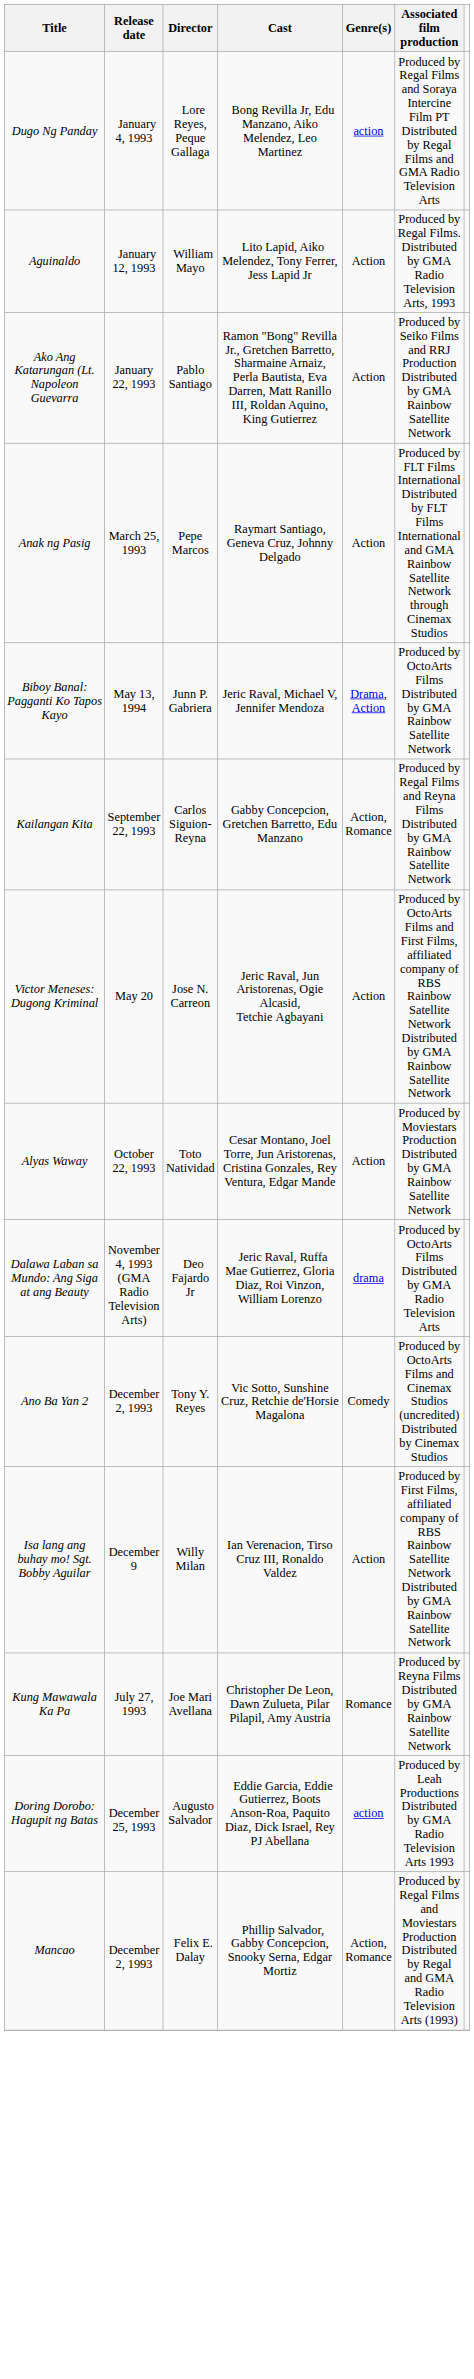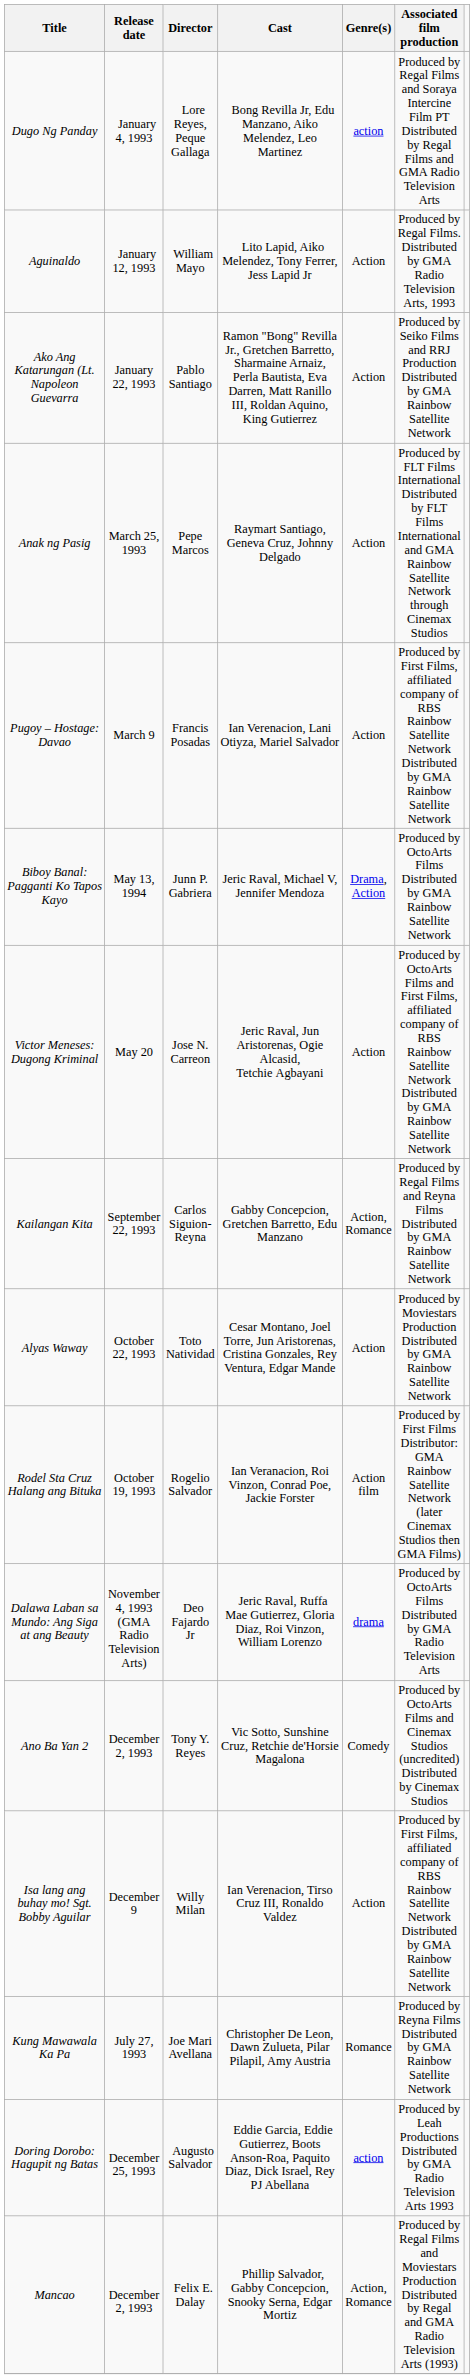 <table class="wikitable" "toccolours sortable" style="width:97%; text-align:center">
 <tr>
 <th style="width:25%;">Title</th>
 <th style="width:10%;">Release date</th>
 <th style="width:10%;">Director</th>
 <th style="width:30%;">Cast</th>
 <th style="width:10%;">Genre(s)</th>
 <th style="width:15%;">Associated film production</th>
 <td></td>
 </tr>
 <tr>
 <td><em>Dugo Ng Panday</em></td>
 <td>  January 4, 1993</td>
 <td>  Lore Reyes, Peque Gallaga</td>
 <td>  Bong Revilla Jr, Edu Manzano, Aiko Melendez, Leo Martinez</td>
 <td><a href='#'>action</a></td>
 <td>Produced by Regal Films and Soraya Intercine Film PT<br>Distributed by Regal Films and GMA Radio Television Arts  </td>
 <td></td>
 </tr>
 <tr>
 <td><em>Aguinaldo</em></td>
 <td>  January 12, 1993</td>
 <td>  William Mayo</td>
 <td>  Lito Lapid, Aiko Melendez, Tony Ferrer, Jess Lapid Jr</td>
 <td>Action</td>
 <td>Produced by Regal Films.<br>Distributed by GMA Radio Television  Arts, 1993 </td>
 <td></td>
 </tr>
 <tr>
 <td><em>Ako Ang Katarungan (Lt. Napoleon Guevarra</em></td>
 <td>January 22, 1993</td>
 <td>Pablo Santiago</td>
 <td>Ramon "Bong" Revilla Jr., Gretchen Barretto, Sharmaine Arnaiz, Perla Bautista, Eva Darren, Matt Ranillo III, Roldan Aquino, King Gutierrez</td>
 <td>Action</td>
 <td>Produced by Seiko Films and RRJ  Production<br>Distributed by GMA Rainbow Satellite Network  </td>
 <td></td>
 </tr>
 <tr>
 <td><em>Anak ng Pasig</em></td>
 <td>March  25, 1993</td>
 <td>Pepe Marcos</td>
 <td>Raymart Santiago, Geneva Cruz, Johnny Delgado</td>
 <td>Action</td>
 <td>Produced by FLT Films International<br>Distributed by FLT Films International and GMA Rainbow Satellite Network through Cinemax Studios </td>
 <td></td>
 </tr>
 <tr>
+<td><em>Pugoy – Hostage: Davao</em></td>
+<td>March 9</td>
+<td>Francis Posadas</td>
+<td>Ian Verenacion, Lani Otiyza, Mariel Salvador</td>
+<td>Action</td>
+<td>Produced by First Films, affiliated company of RBS Rainbow Satellite Network<br>Distributed by GMA Rainbow Satellite Network  </td>
+<td></td>
+</tr>
+<tr>
 <td><em>Biboy Banal: Pagganti Ko Tapos Kayo</em></td>
 <td>May 13, 1994</td>
 <td>Junn P. Gabriera</td>
 <td>Jeric Raval, Michael V, Jennifer Mendoza</td>
 <td><a href='#'>Drama</a>, <a href='#'>Action</a></td>
 <td>Produced by OctoArts Films<br>Distributed by GMA Rainbow Satellite Network</td>
+<td></td>
+</tr>
+<tr>
+<td><em>Victor Meneses: Dugong Kriminal</em></td>
+<td>May 20</td>
+<td>Jose N. Carreon</td>
+<td>Jeric Raval, Jun Aristorenas, Ogie Alcasid, Tetchie Agbayani</td>
+<td>Action</td>
+<td>Produced by OctoArts Films and First Films, affiliated company of RBS Rainbow Satellite Network<br>Distributed by GMA Rainbow Satellite Network</td>
 <td></td>
 </tr>
 <tr>
 <td><em>Kailangan Kita </em></td>
 <td>September 22, 1993</td>
 <td>Carlos Siguion-Reyna</td>
 <td>Gabby Concepcion, Gretchen Barretto, Edu Manzano</td>
 <td>Action, Romance</td>
 <td>Produced by Regal Films and Reyna Films<br>Distributed by GMA Rainbow Satellite Network  </td>
 <td></td>
 </tr>
 <tr>
-<td><em>Victor Meneses: Dugong Kriminal</em></td>
-<td>May 20</td>
-<td>Jose N. Carreon</td>
-<td>Jeric Raval, Jun Aristorenas, Ogie Alcasid, Tetchie Agbayani</td>
-<td>Action</td>
-<td>Produced by OctoArts Films and First Films, affiliated company of RBS Rainbow Satellite Network<br>Distributed by GMA Rainbow Satellite Network</td>
-<td></td>
-</tr>
-<tr>
 <td><em>Alyas Waway</em></td>
 <td>October 22, 1993</td>
 <td>Toto Natividad</td>
 <td>Cesar Montano, Joel Torre, Jun Aristorenas, Cristina Gonzales, Rey Ventura, Edgar Mande</td>
 <td>Action</td>
 <td>Produced by Moviestars Production<br>Distributed by GMA Rainbow Satellite Network  </td>
+<td></td>
+</tr>
+<tr>
+<td><em>Rodel Sta Cruz Halang ang Bituka</em></td>
+<td>October 19, 1993</td>
+<td>Rogelio Salvador</td>
+<td>Ian Veranacion, Roi Vinzon, Conrad Poe, Jackie Forster</td>
+<td>Action film</td>
+<td>Produced by First Films<br>Distributor:  GMA Rainbow Satellite Network (later Cinemax Studios then GMA Films)</td>
 <td></td>
 </tr>
 <tr>
 <td><em>Dalawa Laban sa Mundo: Ang Siga at ang Beauty</em></td>
 <td>  November 4, 1993 (GMA Radio Television Arts)</td>
 <td>  Deo Fajardo Jr</td>
 <td>  Jeric Raval, Ruffa Mae Gutierrez, Gloria Diaz, Roi Vinzon, William Lorenzo</td>
 <td><a href='#'>drama</a></td>
 <td>Produced by OctoArts Films<br>Distributed by GMA Radio Television Arts </td>
 <td></td>
 </tr>
 <tr>
 <td><em>Ano Ba Yan 2</em></td>
 <td>December 2, 1993</td>
 <td>Tony Y. Reyes</td>
 <td>Vic Sotto, Sunshine Cruz,  Retchie de'Horsie Magalona</td>
 <td>Comedy</td>
 <td>Produced by OctoArts Films and Cinemax Studios (uncredited)<br>Distributed by Cinemax Studios </td>
 <td></td>
 </tr>
 <tr>
 <td><em>Isa lang ang buhay mo! Sgt. Bobby Aguilar</em></td>
 <td>December 9</td>
 <td>Willy Milan</td>
 <td>Ian Verenacion, Tirso Cruz III, Ronaldo Valdez</td>
 <td>Action</td>
 <td>Produced by First Films, affiliated company of RBS Rainbow Satellite Network<br>Distributed by GMA Rainbow Satellite Network  </td>
 <td></td>
 </tr>
 <tr>
 <td><em>Kung Mawawala Ka Pa</em></td>
 <td>July 27, 1993</td>
 <td>Joe Mari Avellana</td>
 <td>Christopher De Leon, Dawn Zulueta, Pilar Pilapil, Amy Austria</td>
 <td>Romance</td>
 <td>Produced by Reyna Films<br>Distributed by GMA Rainbow Satellite Network  </td>
 <td></td>
 </tr>
 <tr>
 <td><em>Doring Dorobo: Hagupit ng Batas</em></td>
 <td>  December 25, 1993</td>
 <td>  Augusto Salvador</td>
 <td>  Eddie Garcia, Eddie Gutierrez, Boots Anson-Roa, Paquito Diaz, Dick Israel, Rey PJ Abellana</td>
 <td><a href='#'>action</a></td>
 <td>Produced by Leah Productions<br>Distributed by GMA Radio Television  Arts 1993 </td>
 <td></td>
 </tr>
 <tr>
 <td><em>Mancao</em></td>
 <td>  December 2, 1993</td>
 <td>  Felix E. Dalay</td>
 <td>  Phillip Salvador, Gabby Concepcion, Snooky Serna, Edgar Mortiz</td>
 <td>Action, Romance</td>
 <td>Produced by Regal Films and Moviestars Production<br>Distributed by Regal and GMA Radio Television Arts (1993) </td>
 <td></td>
 </tr>
 <tr>
 </tr>
 </table>
